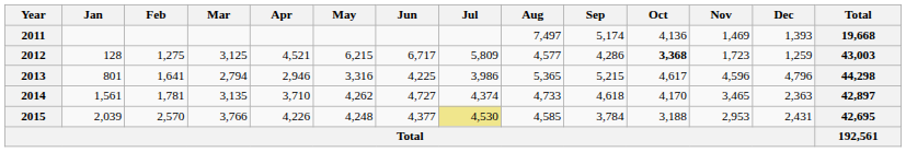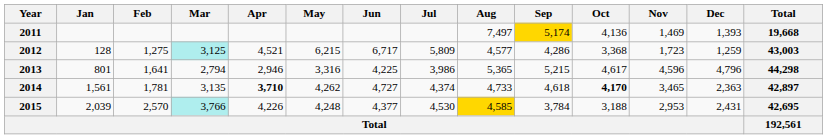 <table class=wikitable style="text-align:right; font-size:0.9em; width:1050px;">
 <tr>
 <th>Year</th>
 <th>Jan</th>
 <th>Feb</th>
 <th>Mar</th>
 <th>Apr</th>
 <th>May</th>
 <th>Jun</th>
 <th>Jul</th>
 <th>Aug</th>
 <th>Sep</th>
 <th>Oct</th>
 <th>Nov</th>
 <th>Dec</th>
 <th>Total</th>
 </tr>
 <tr>
 <th>2011</th>
 <td></td>
 <td></td>
 <td></td>
 <td></td>
 <td></td>
 <td></td>
 <td></td>
 <td>7,497</td>
-<td>5,174</td>
+<td style="background: gold;">5,174</td>
 <td>4,136</td>
 <td>1,469</td>
 <td>1,393</td>
 <th>19,668</th>
 </tr>
 <tr>
 <th>2012</th>
 <td>128</td>
 <td>1,275</td>
-<td>3,125</td>
+<td style="background: paleturquoise;">3,125</td>
 <td>4,521</td>
 <td>6,215</td>
 <td>6,717</td>
 <td>5,809</td>
 <td>4,577</td>
 <td>4,286</td>
-<td><strong>3,368</strong></td>
+<td>3,368</td>
 <td>1,723</td>
 <td>1,259</td>
 <th>43,003</th>
 </tr>
 <tr>
 <th>2013</th>
 <td>801</td>
 <td>1,641</td>
 <td>2,794</td>
 <td>2,946</td>
 <td>3,316</td>
 <td>4,225</td>
 <td>3,986</td>
 <td>5,365</td>
 <td>5,215</td>
 <td>4,617</td>
 <td>4,596</td>
 <td>4,796</td>
 <th>44,298</th>
 </tr>
 <tr>
 <th>2014</th>
 <td>1,561</td>
 <td>1,781</td>
 <td>3,135</td>
-<td>3,710</td>
+<td><strong>3,710</strong></td>
 <td>4,262</td>
 <td>4,727</td>
 <td>4,374</td>
 <td>4,733</td>
 <td>4,618</td>
-<td>4,170</td>
+<td><strong>4,170</strong></td>
 <td>3,465</td>
 <td>2,363</td>
 <th>42,897</th>
 </tr>
 <tr>
 <th>2015</th>
 <td>2,039</td>
 <td>2,570</td>
-<td>3,766</td>
+<td style="background: paleturquoise;">3,766</td>
 <td>4,226</td>
 <td>4,248</td>
 <td>4,377</td>
-<td style="background: khaki;">4,530</td>
-<td>4,585</td>
+<td>4,530</td>
+<td style="background: gold;">4,585</td>
 <td>3,784</td>
 <td>3,188</td>
 <td>2,953</td>
 <td>2,431</td>
 <th>42,695</th>
 </tr>
 <tr>
 <th colspan=13>Total</th>
 <th>192,561</th>
 </tr>
 </table>
